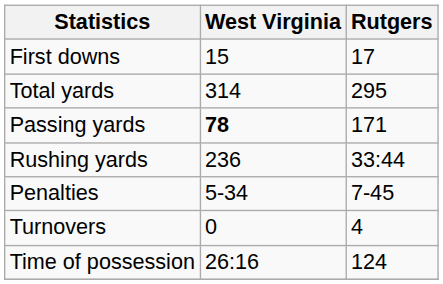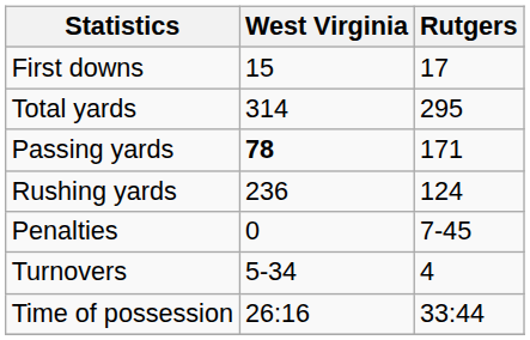 <table class="wikitable" style="float: left;">
 <tr>
 <th>Statistics</th>
 <th>West Virginia</th>
 <th>Rutgers</th>
 </tr>
 <tr>
 <td>First downs</td>
 <td>15</td>
 <td>17</td>
 </tr>
 <tr>
 <td>Total yards</td>
 <td>314</td>
 <td>295</td>
 </tr>
 <tr>
 <td>Passing yards</td>
 <td><strong>78</strong></td>
 <td>171</td>
 </tr>
 <tr>
 <td>Rushing yards</td>
 <td>236</td>
-<td>33:44</td>
+<td>124</td>
 </tr>
 <tr>
 <td>Penalties</td>
-<td>5-34</td>
+<td>0</td>
 <td>7-45</td>
 </tr>
 <tr>
 <td>Turnovers</td>
-<td>0</td>
+<td>5-34</td>
 <td>4</td>
 </tr>
 <tr>
 <td>Time of possession</td>
 <td>26:16</td>
-<td>124</td>
+<td>33:44</td>
 </tr>
 <tr>
 </tr>
 </table>
